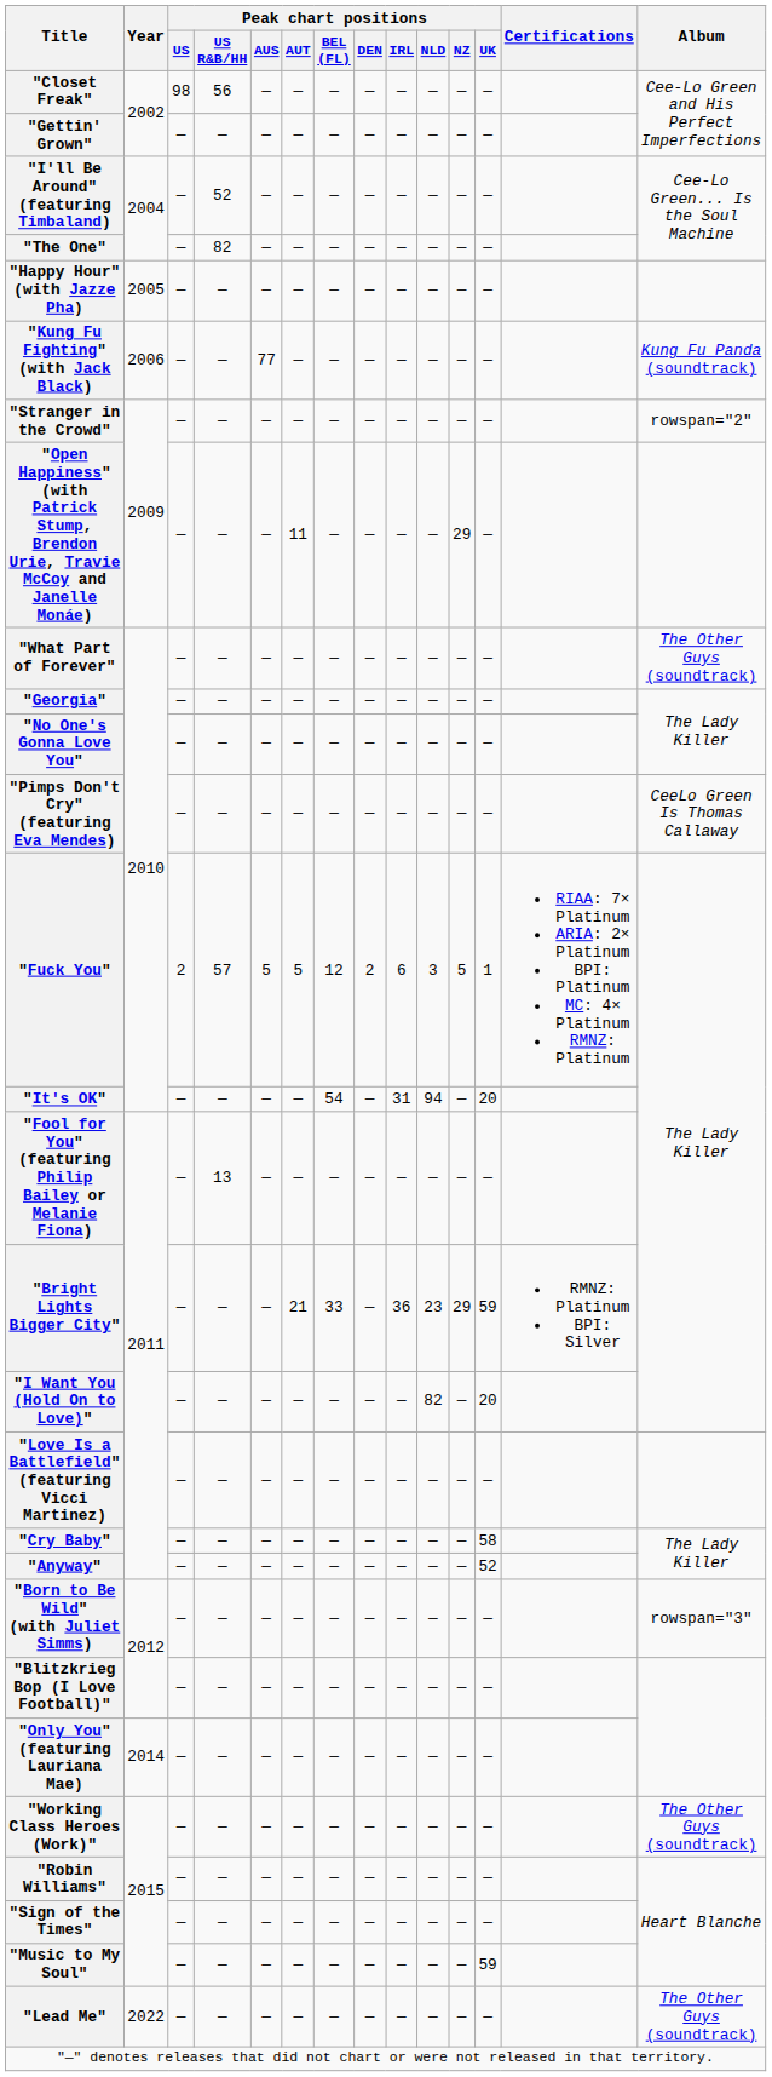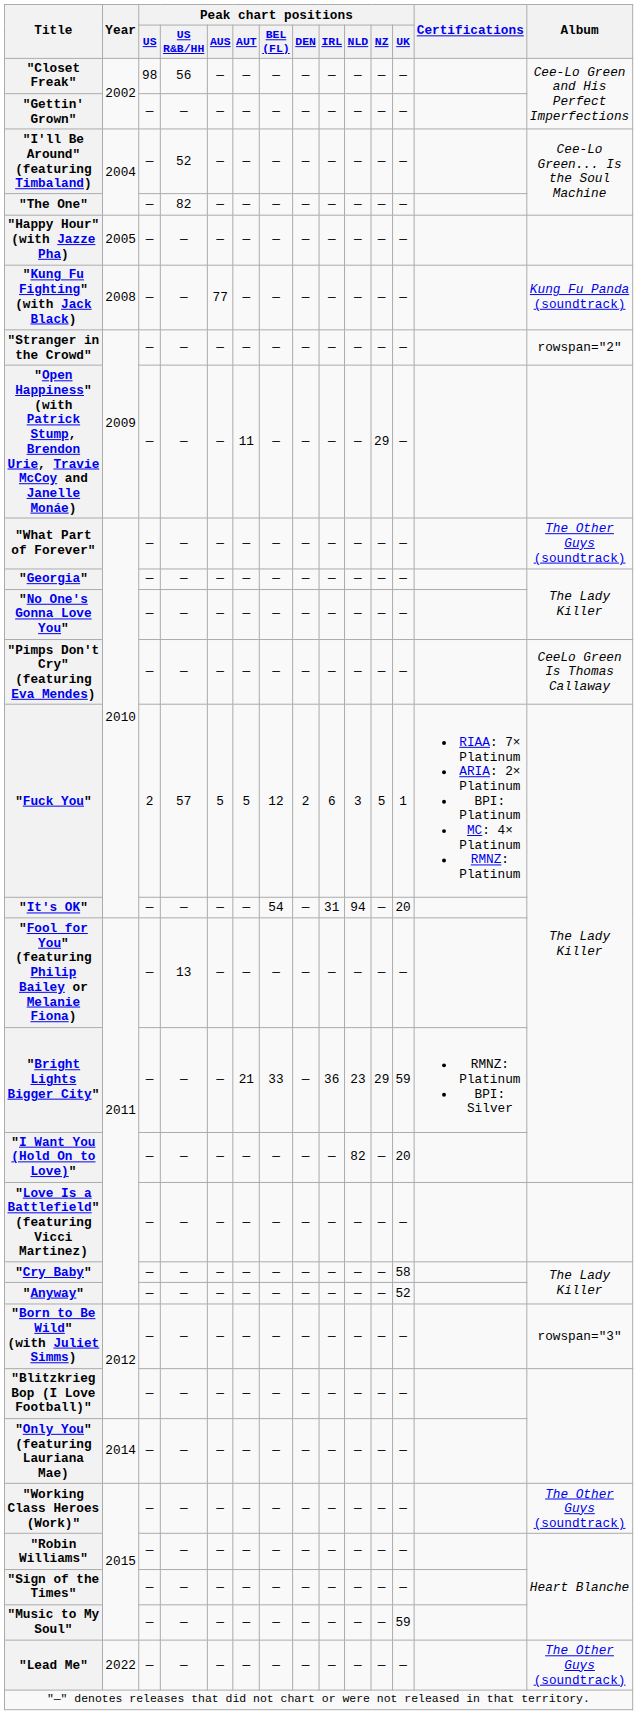 <table class="wikitable plainrowheaders" style="text-align:center;" border="1">
 <tr>
 <th scope="col" rowspan="2" style="width:22.5em;">Title</th>
 <th scope="col" rowspan="2">Year</th>
 <th scope="col" colspan="10">Peak chart positions</th>
 <th scope="col" rowspan="2" style="width:12em;"><a href='#'>Certifications</a></th>
 <th scope="col" rowspan="2">Album</th>
 </tr>
 <tr>
 <th scope="col" style="width:2.8em;font-size:90%;"><a href='#'>US</a><br></th>
 <th scope="col" style="width:2.8em;font-size:90%;"><a href='#'>US<br>R&B/HH</a><br></th>
 <th scope="col" style="width:2.8em;font-size:90%;"><a href='#'>AUS</a><br></th>
 <th scope="col" style="width:2.8em;font-size:90%;"><a href='#'>AUT</a><br></th>
 <th scope="col" style="width:2.8em;font-size:90%;"><a href='#'>BEL<br>(FL)</a><br></th>
 <th scope="col" style="width:2.8em;font-size:90%;"><a href='#'>DEN</a><br></th>
 <th scope="col" style="width:2.8em;font-size:90%;"><a href='#'>IRL</a><br></th>
 <th scope="col" style="width:2.8em;font-size:90%;"><a href='#'>NLD</a><br></th>
 <th scope="col" style="width:2.8em;font-size:90%;"><a href='#'>NZ</a><br></th>
 <th scope="col" style="width:2.8em;font-size:90%;"><a href='#'>UK</a><br></th>
 </tr>
 <tr>
 <th scope="row">"Closet Freak"</th>
 <td rowspan="2">2002</td>
 <td>98</td>
 <td>56</td>
 <td>—</td>
 <td>—</td>
 <td>—</td>
 <td>—</td>
 <td>—</td>
 <td>—</td>
 <td>—</td>
 <td>—</td>
 <td></td>
 <td rowspan="2"><em>Cee-Lo Green and His Perfect Imperfections</em></td>
 </tr>
 <tr>
 <th scope="row">"Gettin' Grown"</th>
 <td>—</td>
 <td>—</td>
 <td>—</td>
 <td>—</td>
 <td>—</td>
 <td>—</td>
 <td>—</td>
 <td>—</td>
 <td>—</td>
 <td>—</td>
 <td></td>
 </tr>
 <tr>
 <th scope="row">"I'll Be Around"<br><span>(featuring <a href='#'>Timbaland</a>)</span></th>
 <td rowspan="2">2004</td>
 <td>—</td>
 <td>52</td>
 <td>—</td>
 <td>—</td>
 <td>—</td>
 <td>—</td>
 <td>—</td>
 <td>—</td>
 <td>—</td>
 <td>—</td>
 <td></td>
 <td rowspan="2"><em>Cee-Lo Green... Is the Soul Machine</em></td>
 </tr>
 <tr>
 <th scope="row">"The One"</th>
 <td>—</td>
 <td>82</td>
 <td>—</td>
 <td>—</td>
 <td>—</td>
 <td>—</td>
 <td>—</td>
 <td>—</td>
 <td>—</td>
 <td>—</td>
 <td></td>
 </tr>
 <tr>
 <th scope="row">"Happy Hour"<br><span>(with <a href='#'>Jazze Pha</a>)</span></th>
 <td>2005</td>
 <td>—</td>
 <td>—</td>
 <td>—</td>
 <td>—</td>
 <td>—</td>
 <td>—</td>
 <td>—</td>
 <td>—</td>
 <td>—</td>
 <td>—</td>
 <td></td>
 <td></td>
 </tr>
 <tr>
 <th scope="row">"<a href='#'>Kung Fu Fighting</a>"<br><span>(with <a href='#'>Jack Black</a>)</span></th>
-<td>2006</td>
+<td>2008</td>
 <td>—</td>
 <td>—</td>
 <td>77</td>
 <td>—</td>
 <td>—</td>
 <td>—</td>
 <td>—</td>
 <td>—</td>
 <td>—</td>
 <td>—</td>
 <td></td>
 <td><a href='#'><em>Kung Fu Panda</em> (soundtrack)</a></td>
 </tr>
 <tr>
 <th scope="row">"Stranger in the Crowd"</th>
 <td rowspan="2">2009</td>
 <td>—</td>
 <td>—</td>
 <td>—</td>
 <td>—</td>
 <td>—</td>
 <td>—</td>
 <td>—</td>
 <td>—</td>
 <td>—</td>
 <td>—</td>
 <td></td>
 <td>rowspan="2" </td>
 </tr>
 <tr>
 <th scope="row">"<a href='#'>Open Happiness</a>"<br><span>(with <a href='#'>Patrick Stump</a>, <a href='#'>Brendon Urie</a>, <a href='#'>Travie McCoy</a> and <a href='#'>Janelle Monáe</a>)</span></th>
 <td>—</td>
 <td>—</td>
 <td>—</td>
 <td>11</td>
 <td>—</td>
 <td>—</td>
 <td>—</td>
 <td>—</td>
 <td>29</td>
 <td>—</td>
 <td></td>
 </tr>
 <tr>
 <th scope="row">"What Part of Forever"</th>
 <td rowspan="6">2010</td>
 <td>—</td>
 <td>—</td>
 <td>—</td>
 <td>—</td>
 <td>—</td>
 <td>—</td>
 <td>—</td>
 <td>—</td>
 <td>—</td>
 <td>—</td>
 <td></td>
 <td><a href='#'><em>The Other Guys</em> (soundtrack)</a></td>
 </tr>
 <tr>
 <th scope="row">"<a href='#'>Georgia</a>"</th>
 <td>—</td>
 <td>—</td>
 <td>—</td>
 <td>—</td>
 <td>—</td>
 <td>—</td>
 <td>—</td>
 <td>—</td>
 <td>—</td>
 <td>—</td>
 <td></td>
 <td rowspan="2"><em>The Lady Killer</em></td>
 </tr>
 <tr>
 <th scope="row">"<a href='#'>No One's Gonna Love You</a>"</th>
 <td>—</td>
 <td>―</td>
 <td>—</td>
 <td>—</td>
 <td>—</td>
 <td>—</td>
 <td>—</td>
 <td>—</td>
 <td>—</td>
 <td>—</td>
 <td></td>
 </tr>
 <tr>
 <th scope="row">"Pimps Don't Cry"<br><span>(featuring <a href='#'>Eva Mendes</a>)</span></th>
 <td>—</td>
 <td>—</td>
 <td>—</td>
 <td>—</td>
 <td>—</td>
 <td>—</td>
 <td>—</td>
 <td>—</td>
 <td>—</td>
 <td>—</td>
 <td></td>
 <td><em>CeeLo Green Is Thomas Callaway</em></td>
 </tr>
 <tr>
 <th scope="row">"<a href='#'>Fuck You</a>"</th>
 <td>2</td>
 <td>57</td>
 <td>5</td>
 <td>5</td>
 <td>12</td>
 <td>2</td>
 <td>6</td>
 <td>3</td>
 <td>5</td>
 <td>1</td>
 <td><br><ul><li><a href='#'>RIAA</a>: 7× Platinum</li><li><a href='#'>ARIA</a>: 2× Platinum</li><li>BPI: Platinum</li><li><a href='#'>MC</a>: 4× Platinum</li><li><a href='#'>RMNZ</a>: Platinum</li></ul></td>
 <td rowspan="5"><em>The Lady Killer</em></td>
 </tr>
 <tr>
 <th scope="row">"<a href='#'>It's OK</a>"</th>
 <td>—</td>
 <td>—</td>
 <td>—</td>
 <td>—</td>
 <td>54</td>
 <td>—</td>
 <td>31</td>
 <td>94</td>
 <td>—</td>
 <td>20</td>
 <td></td>
 </tr>
 <tr>
 <th scope="row">"<a href='#'>Fool for You</a>"<br><span>(featuring <a href='#'>Philip Bailey</a> or <a href='#'>Melanie Fiona</a>)</span></th>
 <td rowspan="6">2011</td>
 <td>—</td>
 <td>13</td>
 <td>—</td>
 <td>—</td>
 <td>—</td>
 <td>—</td>
 <td>—</td>
 <td>—</td>
 <td>—</td>
 <td>—</td>
 <td></td>
 </tr>
 <tr>
 <th scope="row">"<a href='#'>Bright Lights Bigger City</a>"</th>
 <td>—</td>
 <td>—</td>
 <td>—</td>
 <td>21</td>
 <td>33</td>
 <td>—</td>
 <td>36</td>
 <td>23</td>
 <td>29</td>
 <td>59</td>
 <td><br><ul><li>RMNZ: Platinum</li><li>BPI: Silver</li></ul></td>
 </tr>
 <tr>
 <th scope="row">"<a href='#'>I Want You (Hold On to Love)</a>"</th>
 <td>—</td>
 <td>—</td>
 <td>—</td>
 <td>—</td>
 <td>—</td>
 <td>—</td>
 <td>—</td>
 <td>82</td>
 <td>—</td>
 <td>20</td>
 <td></td>
 </tr>
 <tr>
 <th scope="row">"<a href='#'>Love Is a Battlefield</a>"<br><span>(featuring Vicci Martinez)</span></th>
 <td>—</td>
 <td>—</td>
 <td>—</td>
 <td>—</td>
 <td>—</td>
 <td>—</td>
 <td>—</td>
 <td>—</td>
 <td>—</td>
 <td>—</td>
 <td></td>
 <td></td>
 </tr>
 <tr>
 <th scope="row">"<a href='#'>Cry Baby</a>"</th>
 <td>—</td>
 <td>—</td>
 <td>—</td>
 <td>—</td>
 <td>—</td>
 <td>—</td>
 <td>—</td>
 <td>—</td>
 <td>—</td>
 <td>58</td>
 <td></td>
 <td rowspan="2"><em>The Lady Killer</em></td>
 </tr>
 <tr>
 <th scope="row">"<a href='#'>Anyway</a>"</th>
 <td>—</td>
 <td>—</td>
 <td>—</td>
 <td>—</td>
 <td>—</td>
 <td>—</td>
 <td>—</td>
 <td>—</td>
 <td>—</td>
 <td>52</td>
 <td></td>
 </tr>
 <tr>
 <th scope="row">"<a href='#'>Born to Be Wild</a>"<br><span>(with <a href='#'>Juliet Simms</a>)</span></th>
 <td rowspan="2">2012</td>
 <td>—</td>
 <td>—</td>
 <td>—</td>
 <td>—</td>
 <td>—</td>
 <td>—</td>
 <td>—</td>
 <td>—</td>
 <td>—</td>
 <td>—</td>
 <td></td>
 <td>rowspan="3" </td>
 </tr>
 <tr>
 <th scope="row">"Blitzkrieg Bop (I Love Football)"</th>
 <td>—</td>
 <td>—</td>
 <td>—</td>
 <td>—</td>
 <td>—</td>
 <td>—</td>
 <td>—</td>
 <td>—</td>
 <td>—</td>
 <td>—</td>
 <td></td>
 </tr>
 <tr>
 <th scope="row">"<a href='#'>Only You</a>"<br><span>(featuring Lauriana Mae)</span></th>
 <td>2014</td>
 <td>—</td>
 <td>—</td>
 <td>—</td>
 <td>—</td>
 <td>—</td>
 <td>—</td>
 <td>—</td>
 <td>—</td>
 <td>—</td>
 <td>—</td>
 <td></td>
 </tr>
 <tr>
 <th scope="row">"Working Class Heroes (Work)"</th>
 <td rowspan="4">2015</td>
 <td>—</td>
 <td>—</td>
 <td>—</td>
 <td>—</td>
 <td>—</td>
 <td>—</td>
 <td>—</td>
 <td>—</td>
 <td>—</td>
 <td>—</td>
 <td></td>
 <td><a href='#'><em>The Other Guys</em> (soundtrack)</a></td>
 </tr>
 <tr>
 <th scope="row">"Robin Williams"</th>
 <td>—</td>
 <td>—</td>
 <td>—</td>
 <td>—</td>
 <td>—</td>
 <td>—</td>
 <td>—</td>
 <td>—</td>
 <td>—</td>
 <td>—</td>
 <td></td>
 <td rowspan="3"><em>Heart Blanche</em></td>
 </tr>
 <tr>
 <th scope="row">"Sign of the Times"</th>
 <td>—</td>
 <td>—</td>
 <td>—</td>
 <td>—</td>
 <td>—</td>
 <td>—</td>
 <td>—</td>
 <td>—</td>
 <td>—</td>
 <td>—</td>
 <td></td>
 </tr>
 <tr>
 <th scope="row">"Music to My Soul"</th>
 <td>—</td>
 <td>—</td>
 <td>—</td>
 <td>—</td>
 <td>—</td>
 <td>—</td>
 <td>—</td>
 <td>—</td>
 <td>—</td>
 <td>59</td>
 <td></td>
 </tr>
 <tr>
 <th scope="row">"Lead Me"</th>
 <td>2022</td>
 <td>—</td>
 <td>—</td>
 <td>—</td>
 <td>—</td>
 <td>—</td>
 <td>—</td>
 <td>—</td>
 <td>—</td>
 <td>—</td>
 <td>—</td>
 <td></td>
 <td><a href='#'><em>The Other Guys</em> (soundtrack)</a></td>
 </tr>
 <tr>
 <td colspan="15" style="font-size:90%">"—" denotes releases that did not chart or were not released in that territory.</td>
 </tr>
 </table>
